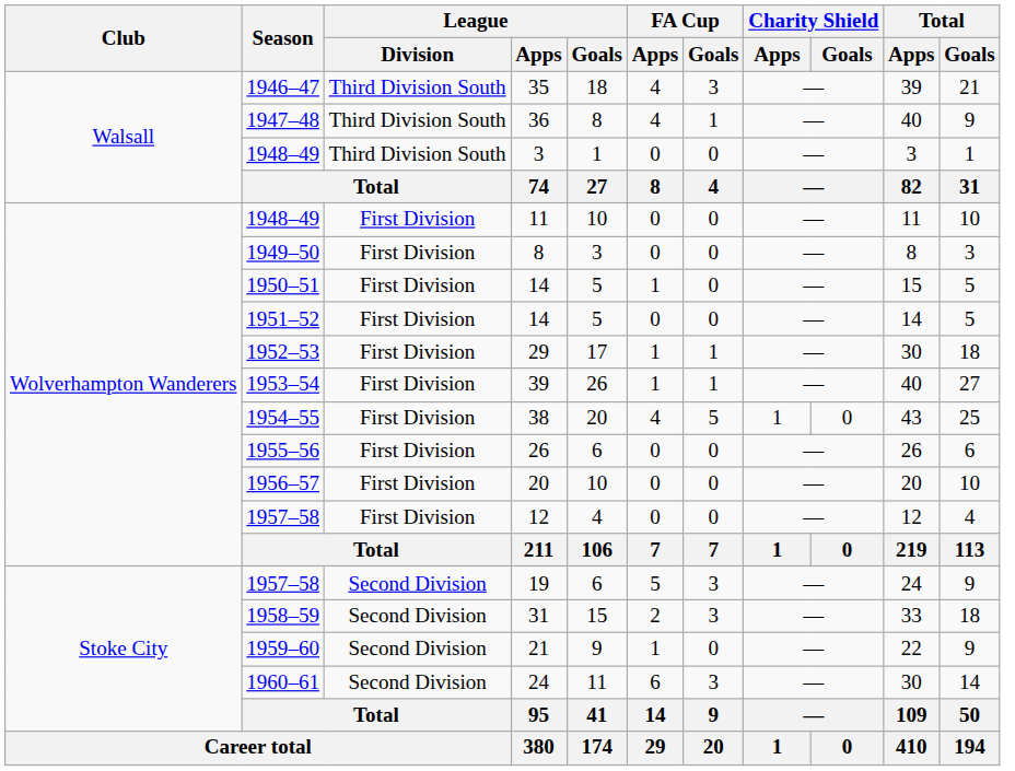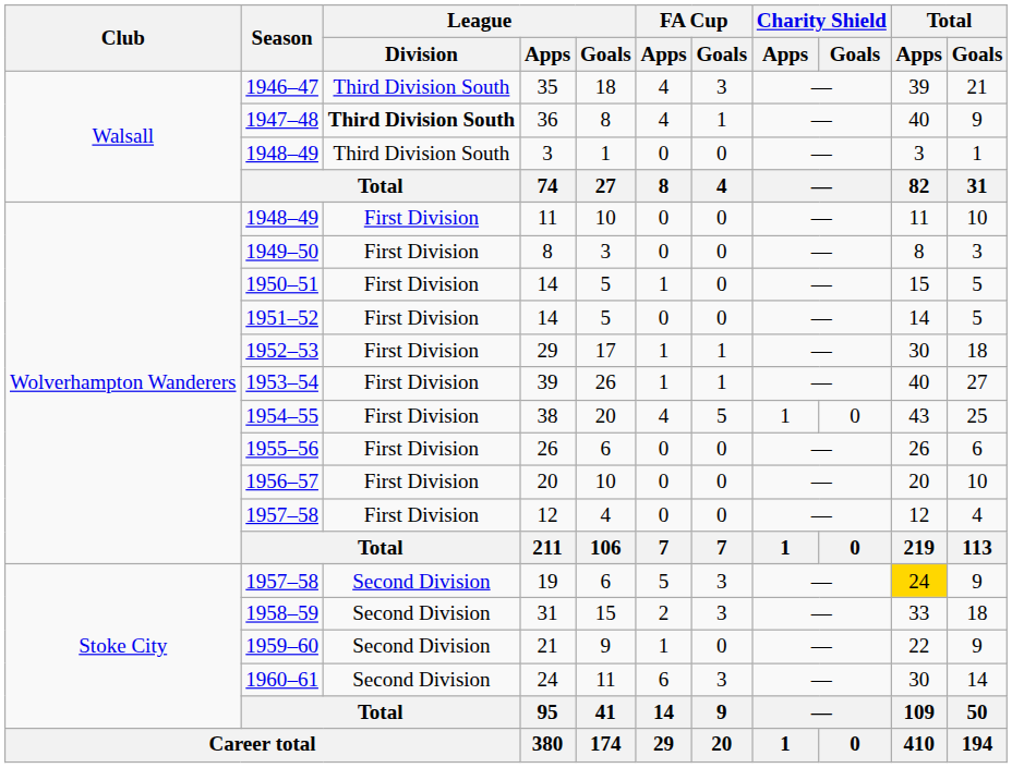 <table class="wikitable" style="text-align:center">
 <tr>
 <th rowspan="2">Club</th>
 <th rowspan="2">Season</th>
 <th colspan="3">League</th>
 <th colspan="2">FA Cup</th>
 <th colspan="2"><a href='#'>Charity Shield</a></th>
 <th colspan="2">Total</th>
 </tr>
 <tr>
 <th>Division</th>
 <th>Apps</th>
 <th>Goals</th>
 <th>Apps</th>
 <th>Goals</th>
 <th>Apps</th>
 <th>Goals</th>
 <th>Apps</th>
 <th>Goals</th>
 </tr>
 <tr>
 <td rowspan="4"><a href='#'>Walsall</a></td>
 <td><a href='#'>1946–47</a></td>
 <td><a href='#'>Third Division South</a></td>
 <td>35</td>
 <td>18</td>
 <td>4</td>
 <td>3</td>
 <td colspan="2">—</td>
 <td>39</td>
 <td>21</td>
 </tr>
 <tr>
 <td><a href='#'>1947–48</a></td>
-<td>Third Division South</td>
+<td><strong>Third Division South</strong></td>
 <td>36</td>
 <td>8</td>
 <td>4</td>
 <td>1</td>
 <td colspan="2">—</td>
 <td>40</td>
 <td>9</td>
 </tr>
 <tr>
 <td><a href='#'>1948–49</a></td>
 <td>Third Division South</td>
 <td>3</td>
 <td>1</td>
 <td>0</td>
 <td>0</td>
 <td colspan="2">—</td>
 <td>3</td>
 <td>1</td>
 </tr>
 <tr>
 <th colspan="2">Total</th>
 <th>74</th>
 <th>27</th>
 <th>8</th>
 <th>4</th>
 <th colspan="2">—</th>
 <th>82</th>
 <th>31</th>
 </tr>
 <tr>
 <td rowspan="11"><a href='#'>Wolverhampton Wanderers</a></td>
 <td><a href='#'>1948–49</a></td>
 <td><a href='#'>First Division</a></td>
 <td>11</td>
 <td>10</td>
 <td>0</td>
 <td>0</td>
 <td colspan="2">—</td>
 <td>11</td>
 <td>10</td>
 </tr>
 <tr>
 <td><a href='#'>1949–50</a></td>
 <td>First Division</td>
 <td>8</td>
 <td>3</td>
 <td>0</td>
 <td>0</td>
 <td colspan="2">—</td>
 <td>8</td>
 <td>3</td>
 </tr>
 <tr>
 <td><a href='#'>1950–51</a></td>
 <td>First Division</td>
 <td>14</td>
 <td>5</td>
 <td>1</td>
 <td>0</td>
 <td colspan="2">—</td>
 <td>15</td>
 <td>5</td>
 </tr>
 <tr>
 <td><a href='#'>1951–52</a></td>
 <td>First Division</td>
 <td>14</td>
 <td>5</td>
 <td>0</td>
 <td>0</td>
 <td colspan="2">—</td>
 <td>14</td>
 <td>5</td>
 </tr>
 <tr>
 <td><a href='#'>1952–53</a></td>
 <td>First Division</td>
 <td>29</td>
 <td>17</td>
 <td>1</td>
 <td>1</td>
 <td colspan="2">—</td>
 <td>30</td>
 <td>18</td>
 </tr>
 <tr>
 <td><a href='#'>1953–54</a></td>
 <td>First Division</td>
 <td>39</td>
 <td>26</td>
 <td>1</td>
 <td>1</td>
 <td colspan="2">—</td>
 <td>40</td>
 <td>27</td>
 </tr>
 <tr>
 <td><a href='#'>1954–55</a></td>
 <td>First Division</td>
 <td>38</td>
 <td>20</td>
 <td>4</td>
 <td>5</td>
 <td>1</td>
 <td>0</td>
 <td>43</td>
 <td>25</td>
 </tr>
 <tr>
 <td><a href='#'>1955–56</a></td>
 <td>First Division</td>
 <td>26</td>
 <td>6</td>
 <td>0</td>
 <td>0</td>
 <td colspan="2">—</td>
 <td>26</td>
 <td>6</td>
 </tr>
 <tr>
 <td><a href='#'>1956–57</a></td>
 <td>First Division</td>
 <td>20</td>
 <td>10</td>
 <td>0</td>
 <td>0</td>
 <td colspan="2">—</td>
 <td>20</td>
 <td>10</td>
 </tr>
 <tr>
 <td><a href='#'>1957–58</a></td>
 <td>First Division</td>
 <td>12</td>
 <td>4</td>
 <td>0</td>
 <td>0</td>
 <td colspan="2">—</td>
 <td>12</td>
 <td>4</td>
 </tr>
 <tr>
 <th colspan="2">Total</th>
 <th>211</th>
 <th>106</th>
 <th>7</th>
 <th>7</th>
 <th>1</th>
 <th>0</th>
 <th>219</th>
 <th>113</th>
 </tr>
 <tr>
 <td rowspan="5"><a href='#'>Stoke City</a></td>
 <td><a href='#'>1957–58</a></td>
 <td><a href='#'>Second Division</a></td>
 <td>19</td>
 <td>6</td>
 <td>5</td>
 <td>3</td>
 <td colspan="2">—</td>
-<td>24</td>
+<td style="background: gold;">24</td>
 <td>9</td>
 </tr>
 <tr>
 <td><a href='#'>1958–59</a></td>
 <td>Second Division</td>
 <td>31</td>
 <td>15</td>
 <td>2</td>
 <td>3</td>
 <td colspan="2">—</td>
 <td>33</td>
 <td>18</td>
 </tr>
 <tr>
 <td><a href='#'>1959–60</a></td>
 <td>Second Division</td>
 <td>21</td>
 <td>9</td>
 <td>1</td>
 <td>0</td>
 <td colspan="2">—</td>
 <td>22</td>
 <td>9</td>
 </tr>
 <tr>
 <td><a href='#'>1960–61</a></td>
 <td>Second Division</td>
 <td>24</td>
 <td>11</td>
 <td>6</td>
 <td>3</td>
 <td colspan="2">—</td>
 <td>30</td>
 <td>14</td>
 </tr>
 <tr>
 <th colspan="2">Total</th>
 <th>95</th>
 <th>41</th>
 <th>14</th>
 <th>9</th>
 <th colspan="2">—</th>
 <th>109</th>
 <th>50</th>
 </tr>
 <tr>
 <th colspan="3">Career total</th>
 <th>380</th>
 <th>174</th>
 <th>29</th>
 <th>20</th>
 <th>1</th>
 <th>0</th>
 <th>410</th>
 <th>194</th>
 </tr>
 </table>
